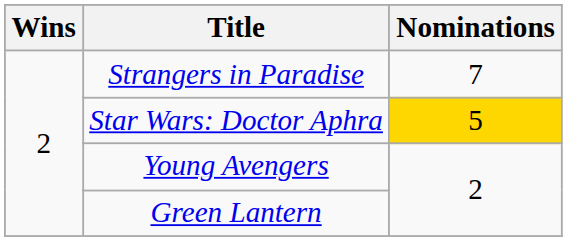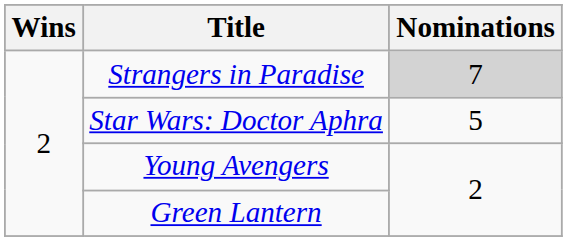 <table class="wikitable" style="text-align:center;">
 <tr>
 <th scope="col" width="3">Wins</th>
 <th scope="col">Title</th>
 <th scope="col" width="3">Nominations</th>
 </tr>
 <tr>
 <td rowspan=4>2</td>
 <td><em><a href='#'>Strangers in Paradise</a></em></td>
-<td>7</td>
+<td style="background: lightgrey;">7</td>
 </tr>
 <tr>
 <td><em><a href='#'>Star Wars: Doctor Aphra</a></em></td>
-<td style="background: gold;">5</td>
+<td>5</td>
 </tr>
 <tr>
 <td><em><a href='#'>Young Avengers</a></em></td>
 <td rowspan=3>2</td>
 </tr>
 <tr>
 <td><em><a href='#'>Green Lantern</a></em></td>
 </tr>
 </table>
